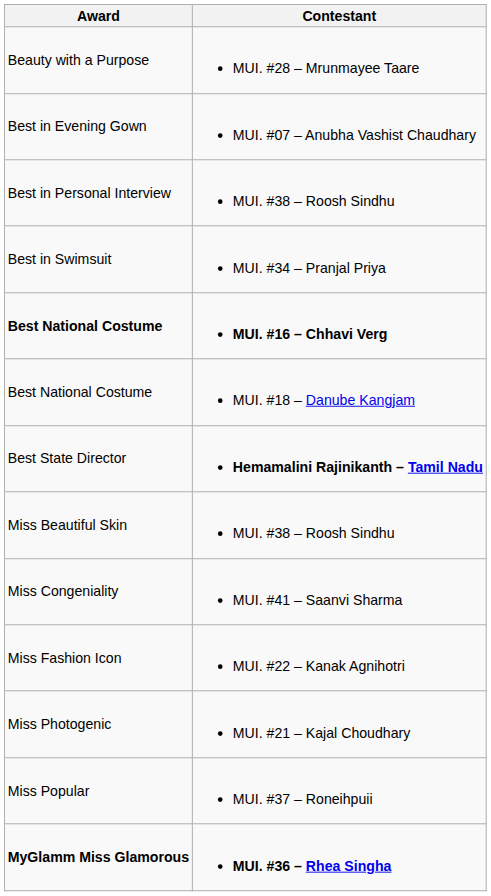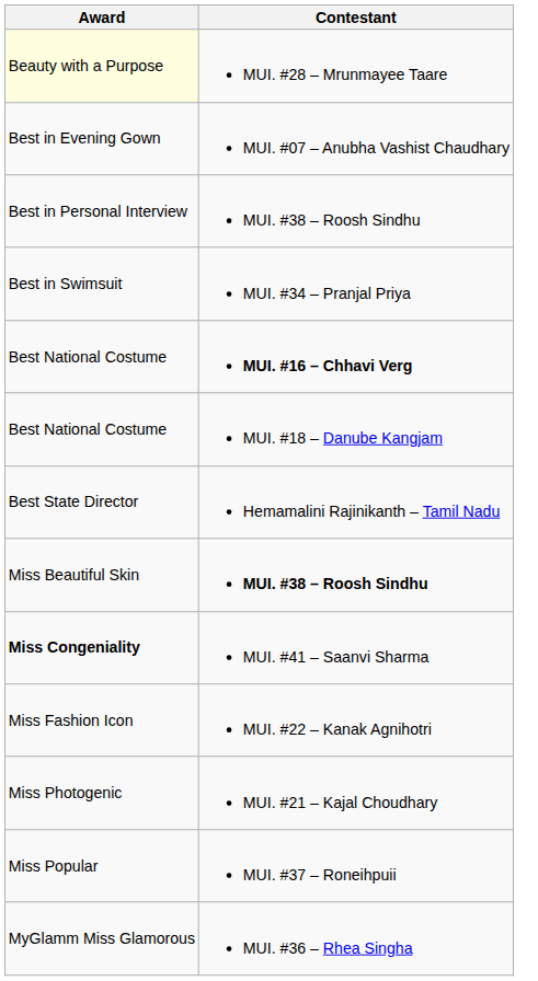 <table class="wikitable sortable" style="font-size: 95%;">
 <tr>
 <th>Award</th>
 <th>Contestant</th>
 </tr>
 <tr>
-<td>Beauty with a Purpose</td>
+<td style="background: lightyellow;">Beauty with a Purpose</td>
 <td><br><ul><li>MUI. #28 – Mrunmayee Taare</li></ul></td>
 </tr>
 <tr>
 <td>Best in Evening Gown</td>
 <td><br><ul><li>MUI. #07 – Anubha Vashist Chaudhary</li></ul></td>
 </tr>
 <tr>
 <td>Best in Personal Interview</td>
 <td><br><ul><li>MUI. #38 – Roosh Sindhu</li></ul></td>
 </tr>
 <tr>
 <td>Best in Swimsuit</td>
 <td><br><ul><li>MUI. #34 – Pranjal Priya</li></ul></td>
 </tr>
 <tr>
-<td><strong>Best National Costume </strong></td>
+<td>Best National Costume </td>
 <td><strong><br><ul><li>MUI. #16 – Chhavi Verg</li></ul></strong></td>
 </tr>
 <tr>
 <td>Best National Costume </td>
 <td><br><ul><li>MUI. #18 – <a href='#'>Danube Kangjam</a></li></ul></td>
 </tr>
 <tr>
 <td>Best State Director</td>
-<td><strong><br><ul><li>Hemamalini Rajinikanth – <a href='#'>Tamil Nadu</a></li></ul></strong></td>
+<td><br><ul><li>Hemamalini Rajinikanth – <a href='#'>Tamil Nadu</a></li></ul></td>
 </tr>
 <tr>
 <td>Miss Beautiful Skin</td>
-<td><br><ul><li>MUI. #38 – Roosh Sindhu</li></ul></td>
+<td><strong><br><ul><li>MUI. #38 – Roosh Sindhu</li></ul></strong></td>
 </tr>
 <tr>
-<td>Miss Congeniality</td>
+<td><strong>Miss Congeniality</strong></td>
 <td><br><ul><li>MUI. #41 – Saanvi Sharma</li></ul></td>
 </tr>
 <tr>
 <td>Miss Fashion Icon</td>
 <td><br><ul><li>MUI. #22 – Kanak Agnihotri</li></ul></td>
 </tr>
 <tr>
 <td>Miss Photogenic</td>
 <td><br><ul><li>MUI. #21 – Kajal Choudhary</li></ul></td>
 </tr>
 <tr>
 <td>Miss Popular</td>
 <td><br><ul><li>MUI. #37 – Roneihpuii</li></ul></td>
 </tr>
 <tr>
-<td><strong>MyGlamm Miss Glamorous</strong></td>
-<td><strong><br><ul><li>MUI. #36 – <a href='#'>Rhea Singha</a></li></ul></strong></td>
+<td>MyGlamm Miss Glamorous</td>
+<td><br><ul><li>MUI. #36 – <a href='#'>Rhea Singha</a></li></ul></td>
 </tr>
 </table>
